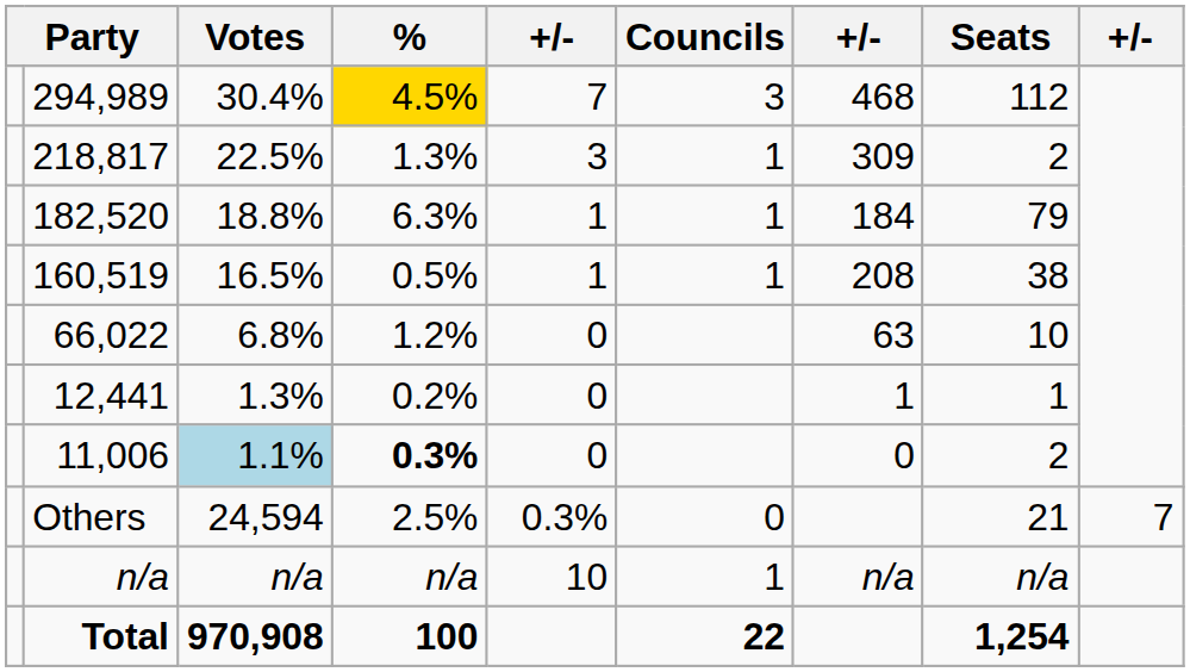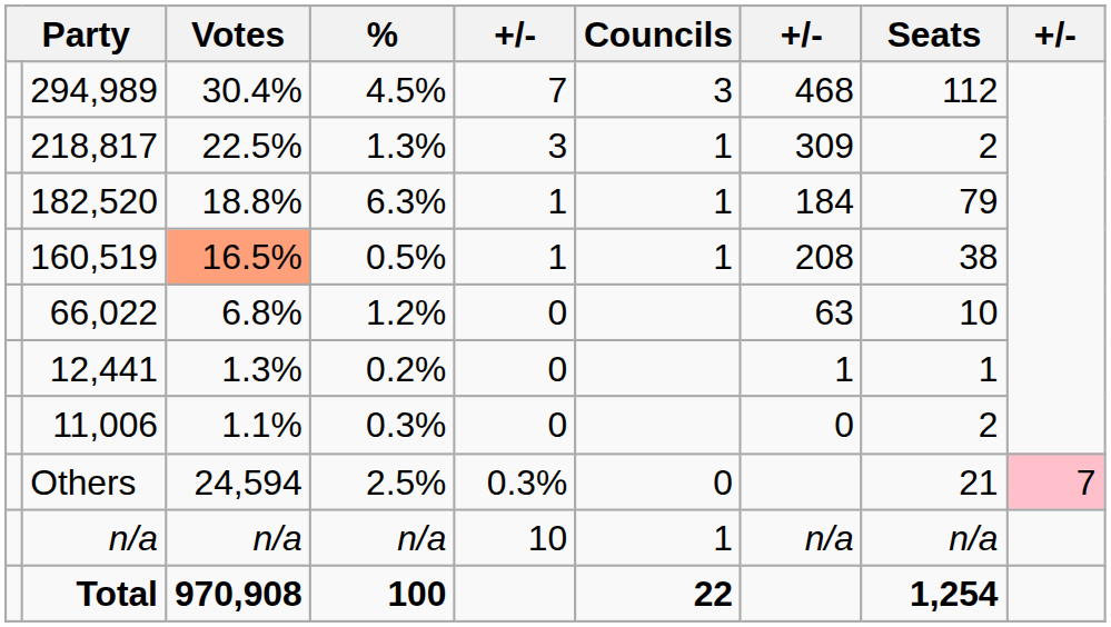 <table class="wikitable" style="text-align:right; font-size:95%;">
 <tr>
 <th colspan=2>Party</th>
 <th style="width:55px;">Votes</th>
 <th style="width:55px;">%</th>
 <th style="width:45px;">+/-</th>
 <th style="width:55px;">Councils</th>
 <th style="width:45px;">+/-</th>
 <th style="width:55px;">Seats</th>
 <th style="width:35px;">+/-</th>
 </tr>
 <tr>
 <td></td>
 <td>294,989</td>
 <td>30.4%</td>
-<td style="background: gold;">4.5%</td>
+<td>4.5%</td>
 <td>7</td>
 <td>3</td>
 <td>468</td>
 <td>112</td>
 </tr>
 <tr>
 <td></td>
 <td>218,817</td>
 <td>22.5%</td>
 <td>1.3%</td>
 <td>3</td>
 <td>1</td>
 <td>309</td>
 <td>2</td>
 </tr>
 <tr>
 <td></td>
 <td>182,520</td>
 <td>18.8%</td>
 <td>6.3%</td>
 <td>1</td>
 <td>1</td>
 <td>184</td>
 <td>79</td>
 </tr>
 <tr>
 <td></td>
 <td>160,519</td>
-<td>16.5%</td>
+<td style="background: lightsalmon;">16.5%</td>
 <td>0.5%</td>
 <td>1</td>
 <td>1</td>
 <td>208</td>
 <td>38</td>
 </tr>
 <tr>
 <td></td>
 <td>66,022</td>
 <td>6.8%</td>
 <td>1.2%</td>
 <td>0</td>
 <td></td>
 <td>63</td>
 <td>10</td>
 </tr>
 <tr>
 <td></td>
 <td>12,441</td>
 <td>1.3%</td>
 <td>0.2%</td>
 <td>0</td>
 <td></td>
 <td>1</td>
 <td>1</td>
 </tr>
 <tr>
 <td></td>
 <td>11,006</td>
-<td style="background: lightblue;">1.1%</td>
-<td><strong>0.3%</strong></td>
+<td>1.1%</td>
+<td>0.3%</td>
 <td>0</td>
 <td></td>
 <td>0</td>
 <td>2</td>
 </tr>
 <tr>
 <td style="color:inherit;background:"></td>
 <td style="text-align:left;">Others</td>
 <td>24,594</td>
 <td>2.5%</td>
 <td>0.3%</td>
 <td>0</td>
 <td></td>
 <td>21</td>
-<td>7</td>
+<td style="background: pink;">7</td>
 </tr>
 <tr>
 <td></td>
 <td><em>n/a</em></td>
 <td><em>n/a</em></td>
 <td><em>n/a</em></td>
 <td>10</td>
 <td>1</td>
 <td><em>n/a</em></td>
 <td><em>n/a</em></td>
 </tr>
 <tr>
 <td></td>
 <td><strong>Total</strong></td>
 <td><strong>970,908</strong></td>
 <td><strong>100</strong></td>
 <td></td>
 <td><strong>22</strong></td>
 <td></td>
 <td><strong>1,254</strong></td>
 <td></td>
 </tr>
 </table>
